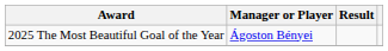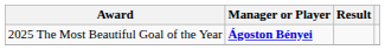 <table class="wikitable" style="text-align:center;">
 <tr>
 <th>Award</th>
 <th>Manager or Player</th>
 <th>Result</th>
 <th></th>
 </tr>
 <tr>
 <td style="text-align:left;">2025 The Most Beautiful Goal of the Year</td>
-<td style="text-align:left;"> <a href='#'>Ágoston Bényei</a></td>
+<td style="text-align:left;"><strong> <a href='#'>Ágoston Bényei</a></strong></td>
 <td></td>
 <td></td>
 </tr>
 <tr>
 </tr>
 </table>
